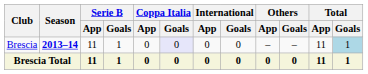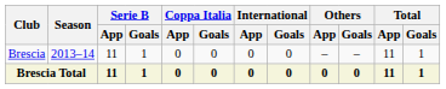 <table class="wikitable" style="text-align: center;">
 <tr>
 <th rowspan="2">Club</th>
 <th rowspan="2">Season</th>
 <th colspan="2"><a href='#'>Serie B</a></th>
 <th colspan="2"><a href='#'>Coppa Italia</a></th>
 <th colspan="2">International</th>
 <th colspan="2">Others</th>
 <th colspan="2">Total</th>
 </tr>
 <tr>
 <th>App</th>
 <th>Goals</th>
 <th>App</th>
 <th>Goals</th>
 <th>App</th>
 <th>Goals</th>
 <th>App</th>
 <th>Goals</th>
 <th>App</th>
 <th>Goals</th>
 </tr>
 <tr>
 <td><a href='#'>Brescia</a></td>
-<td><strong><a href='#'>2013–14</a></strong></td>
+<td><a href='#'>2013–14</a></td>
 <td>11</td>
 <td>1</td>
 <td>0</td>
-<td style="background: lavender;">0</td>
+<td>0</td>
 <td>0</td>
 <td>0</td>
 <td>–</td>
 <td>–</td>
 <td>11</td>
-<td style="background: lightblue;">1</td>
+<td>1</td>
 </tr>
 <tr>
 <th colspan=2 !  style="text-align:center; background:beige;">Brescia Total</th>
 <th style="text-align:center; background:beige;">11</th>
 <th style="text-align:center; background:beige;">1</th>
 <th style="text-align:center; background:beige;">0</th>
 <th style="text-align:center; background:beige;">0</th>
 <th style="text-align:center; background:beige;">0</th>
 <th style="text-align:center; background:beige;">0</th>
 <th style="text-align:center; background:beige;">0</th>
 <th style="text-align:center; background:beige;">0</th>
 <th style="text-align:center; background:beige;">11</th>
 <th style="text-align:center; background:beige;">1</th>
 </tr>
 </table>
